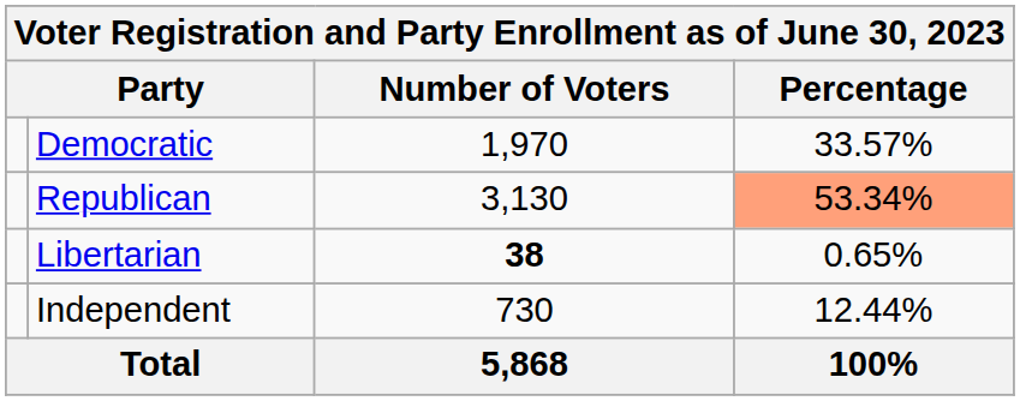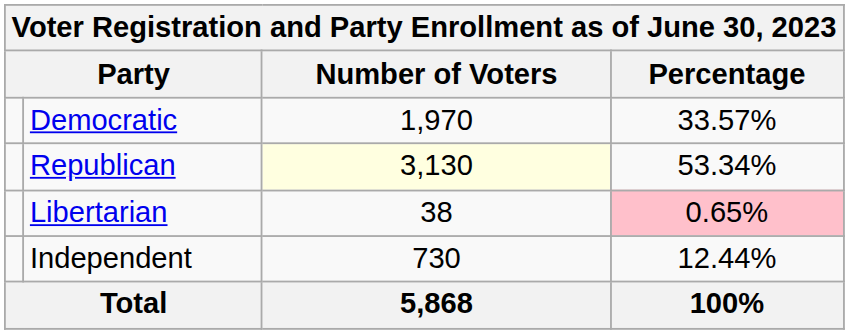 <table class=wikitable>
 <tr>
 <th colspan = 6>Voter Registration and Party Enrollment as of June 30, 2023</th>
 </tr>
 <tr>
 <th colspan = 2>Party</th>
 <th>Number of Voters</th>
 <th>Percentage</th>
 </tr>
 <tr>
 <td></td>
 <td><a href='#'>Democratic</a></td>
 <td align = center>1,970</td>
 <td align = center>33.57%</td>
 </tr>
 <tr>
 <td></td>
 <td><a href='#'>Republican</a></td>
-<td align = center>3,130</td>
-<td align = center style="background: lightsalmon;">53.34%</td>
+<td align = center style="background: lightyellow;">3,130</td>
+<td align = center>53.34%</td>
 </tr>
 <tr>
 <td></td>
 <td><a href='#'>Libertarian</a></td>
-<td align = center><strong>38</strong></td>
-<td align = center>0.65%</td>
+<td align = center>38</td>
+<td align = center style="background: pink;">0.65%</td>
 </tr>
 <tr>
 <td></td>
 <td>Independent</td>
 <td align = center>730</td>
 <td align = center>12.44%</td>
 </tr>
 <tr>
 <th colspan = 2>Total</th>
 <th align = center>5,868</th>
 <th align = center>100%</th>
 </tr>
 </table>
